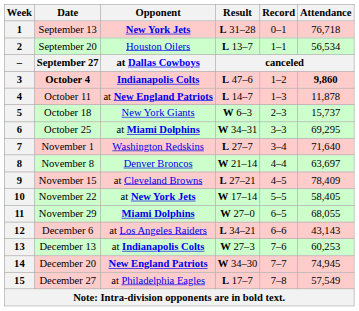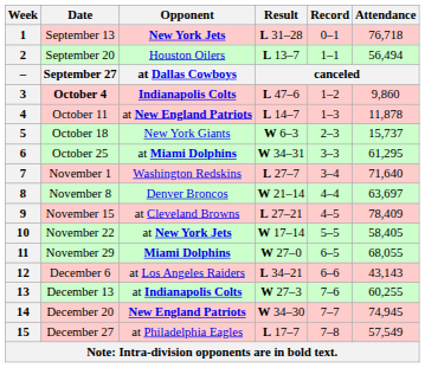 <table class="wikitable" style="text-align:center">
 <tr>
 <th>Week</th>
 <th>Date</th>
 <th>Opponent</th>
 <th>Result</th>
 <th>Record</th>
 <th>Attendance</th>
 </tr>
 <tr style="background:#fcc">
 <th>1</th>
 <td>September 13</td>
 <td><strong><a href='#'>New York Jets</a></strong></td>
 <td><strong>L</strong> 31–28</td>
 <td>0–1</td>
 <td>76,718</td>
 </tr>
 <tr style="background:#cfc">
 <th>2</th>
 <td>September 20</td>
 <td><a href='#'>Houston Oilers</a></td>
 <td><strong>L</strong> 13–7</td>
 <td>1–1</td>
-<td>56,534</td>
+<td>56,494</td>
 </tr>
 <tr>
 <th>–</th>
 <th>September 27</th>
 <th>at <a href='#'>Dallas Cowboys</a></th>
 <th colspan="3">canceled</th>
 </tr>
 <tr style="background:#fcc">
 <th>3</th>
 <td><strong>October 4</strong></td>
 <td><strong><a href='#'>Indianapolis Colts</a></strong></td>
 <td><strong>L</strong> 47–6</td>
 <td>1–2</td>
-<td><strong>9,860</strong></td>
+<td>9,860</td>
 </tr>
 <tr style="background:#fcc">
 <th>4</th>
 <td>October 11</td>
 <td>at <strong><a href='#'>New England Patriots</a></strong></td>
 <td><strong>L</strong> 14–7</td>
 <td>1–3</td>
 <td>11,878</td>
 </tr>
 <tr style="background:#cfc">
 <th>5</th>
 <td>October 18</td>
 <td><a href='#'>New York Giants</a></td>
 <td><strong>W</strong> 6–3</td>
 <td>2–3</td>
 <td>15,737</td>
 </tr>
 <tr style="background:#cfc">
 <th>6</th>
 <td>October 25</td>
 <td>at <strong><a href='#'>Miami Dolphins</a></strong></td>
 <td><strong>W</strong> 34–31 </td>
 <td>3–3</td>
-<td>69,295</td>
+<td>61,295</td>
 </tr>
 <tr style="background:#fcc">
 <th>7</th>
 <td>November 1</td>
 <td><a href='#'>Washington Redskins</a></td>
 <td><strong>L</strong> 27–7</td>
 <td>3–4</td>
 <td>71,640</td>
 </tr>
 <tr style="background:#cfc">
 <th>8</th>
 <td>November 8</td>
 <td><a href='#'>Denver Broncos</a></td>
 <td><strong>W</strong> 21–14</td>
 <td>4–4</td>
 <td>63,697</td>
 </tr>
 <tr style="background:#fcc">
 <th>9</th>
 <td>November 15</td>
 <td>at <a href='#'>Cleveland Browns</a></td>
 <td><strong>L</strong> 27–21</td>
 <td>4–5</td>
 <td>78,409</td>
 </tr>
 <tr style="background:#cfc">
 <th>10</th>
 <td>November 22</td>
 <td>at <strong><a href='#'>New York Jets</a></strong></td>
 <td><strong>W</strong> 17–14</td>
 <td>5–5</td>
 <td>58,405</td>
 </tr>
 <tr style="background:#cfc">
 <th>11</th>
 <td>November 29</td>
 <td><strong><a href='#'>Miami Dolphins</a></strong></td>
 <td><strong>W</strong> 27–0</td>
 <td>6–5</td>
 <td>68,055</td>
 </tr>
 <tr style="background:#fcc">
 <th>12</th>
 <td>December 6</td>
 <td>at <a href='#'>Los Angeles Raiders</a></td>
 <td><strong>L</strong> 34–21</td>
 <td>6–6</td>
 <td>43,143</td>
 </tr>
 <tr style="background:#cfc">
 <th>13</th>
 <td>December 13</td>
 <td>at <strong><a href='#'>Indianapolis Colts</a></strong></td>
 <td><strong>W</strong> 27–3</td>
 <td>7–6</td>
-<td>60,253</td>
+<td>60,255</td>
 </tr>
 <tr style="background:#fcc">
 <th>14</th>
 <td>December 20</td>
 <td><strong><a href='#'>New England Patriots</a></strong></td>
 <td><strong>W</strong> 34–30</td>
 <td>7–7</td>
 <td>74,945</td>
 </tr>
 <tr style="background:#fcc">
 <th>15</th>
 <td>December 27</td>
 <td>at <a href='#'>Philadelphia Eagles</a></td>
 <td><strong>L</strong> 17–7</td>
 <td>7–8</td>
 <td>57,549</td>
 </tr>
 <tr>
 <th colspan="6"><strong>Note:</strong> Intra-division opponents are in <strong>bold</strong> text.</th>
 </tr>
 </table>
